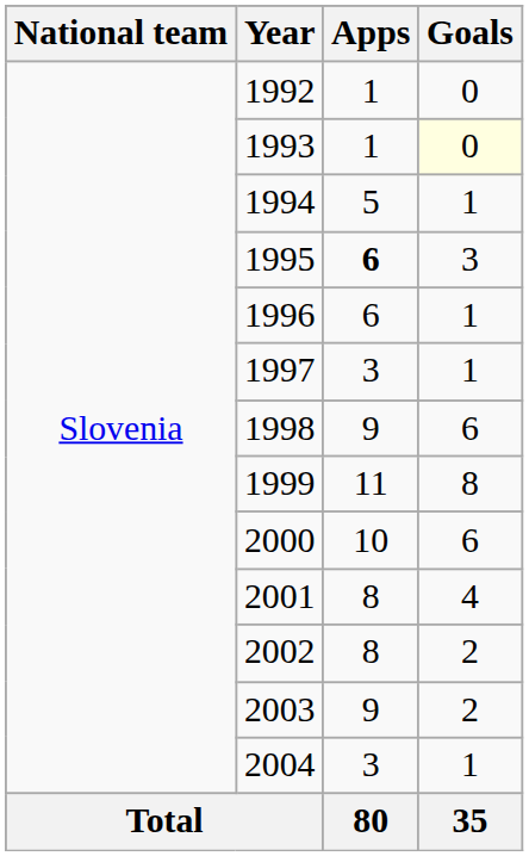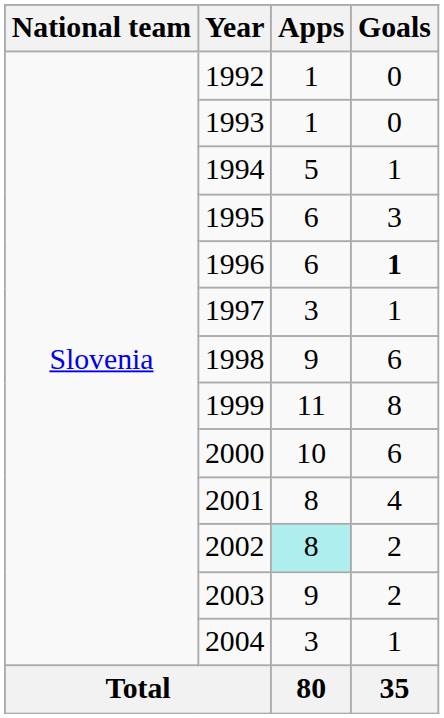 <table class="wikitable" style="text-align:center">
 <tr>
 <th>National team</th>
 <th>Year</th>
 <th>Apps</th>
 <th>Goals</th>
 </tr>
 <tr>
 <td rowspan="13"><a href='#'>Slovenia</a></td>
 <td>1992</td>
 <td>1</td>
 <td>0</td>
 </tr>
 <tr>
 <td>1993</td>
 <td>1</td>
-<td style="background: lightyellow;">0</td>
+<td>0</td>
 </tr>
 <tr>
 <td>1994</td>
 <td>5</td>
 <td>1</td>
 </tr>
 <tr>
 <td>1995</td>
-<td><strong>6</strong></td>
+<td>6</td>
 <td>3</td>
 </tr>
 <tr>
 <td>1996</td>
 <td>6</td>
-<td>1</td>
+<td><strong>1</strong></td>
 </tr>
 <tr>
 <td>1997</td>
 <td>3</td>
 <td>1</td>
 </tr>
 <tr>
 <td>1998</td>
 <td>9</td>
 <td>6</td>
 </tr>
 <tr>
 <td>1999</td>
 <td>11</td>
 <td>8</td>
 </tr>
 <tr>
 <td>2000</td>
 <td>10</td>
 <td>6</td>
 </tr>
 <tr>
 <td>2001</td>
 <td>8</td>
 <td>4</td>
 </tr>
 <tr>
 <td>2002</td>
-<td>8</td>
+<td style="background: paleturquoise;">8</td>
 <td>2</td>
 </tr>
 <tr>
 <td>2003</td>
 <td>9</td>
 <td>2</td>
 </tr>
 <tr>
 <td>2004</td>
 <td>3</td>
 <td>1</td>
 </tr>
 <tr>
 <th colspan="2">Total</th>
 <th>80</th>
 <th>35</th>
 </tr>
 </table>
